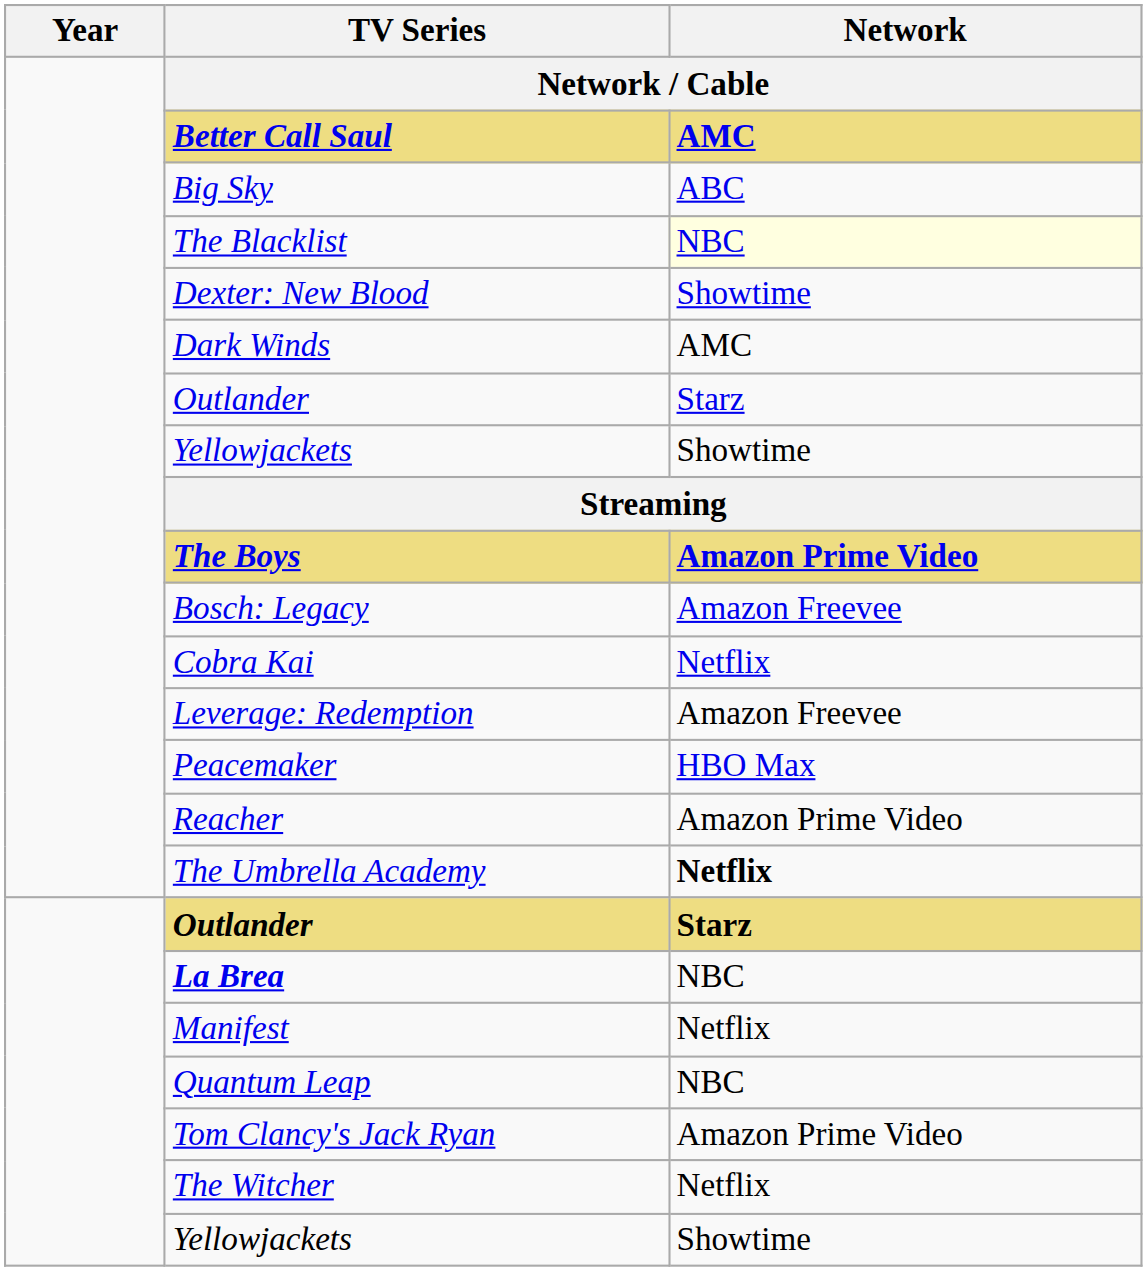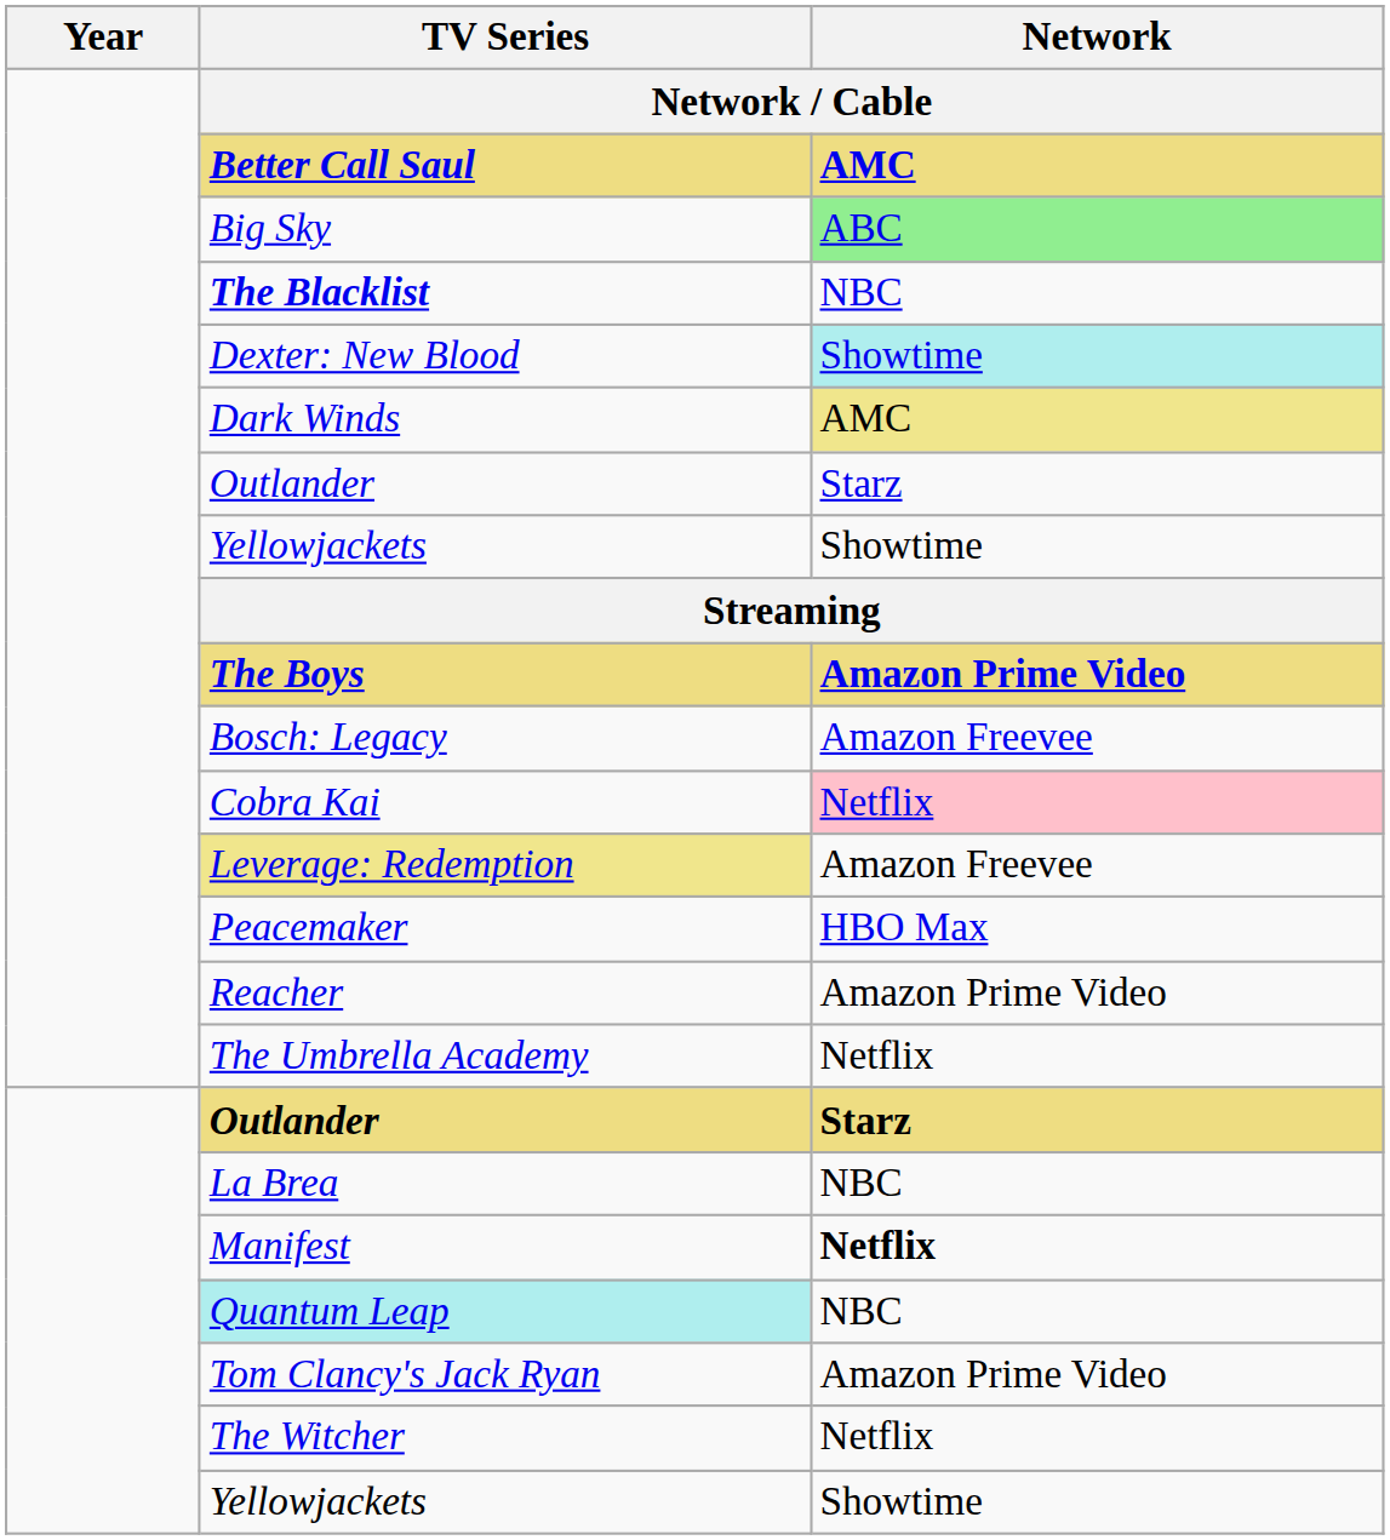 <table class="wikitable" width="550px" border="1" cellpadding="5" cellspacing="0" align="centre">
 <tr>
 <th width="70px">Year</th>
 <th>TV Series</th>
 <th>Network</th>
 </tr>
 <tr>
 <td rowspan="16"></td>
 <th colspan="2">Network / Cable</th>
 </tr>
 <tr>
 <td style="background:#EEDD82"><strong><em><a href='#'>Better Call Saul</a></em></strong></td>
 <td style="background:#EEDD82"><strong><a href='#'>AMC</a></strong></td>
 </tr>
 <tr>
 <td><em><a href='#'>Big Sky</a></em></td>
-<td><a href='#'>ABC</a></td>
+<td style="background: lightgreen;"><a href='#'>ABC</a></td>
 </tr>
 <tr>
-<td><em><a href='#'>The Blacklist</a></em></td>
-<td style="background: lightyellow;"><a href='#'>NBC</a></td>
+<td><strong><em><a href='#'>The Blacklist</a></em></strong></td>
+<td><a href='#'>NBC</a></td>
 </tr>
 <tr>
 <td><em><a href='#'>Dexter: New Blood</a></em></td>
-<td><a href='#'>Showtime</a></td>
+<td style="background: paleturquoise;"><a href='#'>Showtime</a></td>
 </tr>
 <tr>
 <td><em><a href='#'>Dark Winds</a></em></td>
-<td>AMC</td>
+<td style="background: khaki;">AMC</td>
 </tr>
 <tr>
 <td><em><a href='#'>Outlander</a></em></td>
 <td><a href='#'>Starz</a></td>
 </tr>
 <tr>
 <td><em><a href='#'>Yellowjackets</a></em></td>
 <td>Showtime</td>
 </tr>
 <tr>
 <th colspan="2">Streaming</th>
 </tr>
 <tr>
 <td style="background:#EEDD82"><strong><em><a href='#'>The Boys</a></em></strong></td>
 <td style="background:#EEDD82"><strong><a href='#'>Amazon Prime Video</a></strong></td>
 </tr>
 <tr>
 <td><em><a href='#'>Bosch: Legacy</a></em></td>
 <td><a href='#'>Amazon Freevee</a></td>
 </tr>
 <tr>
 <td><em><a href='#'>Cobra Kai</a></em></td>
-<td><a href='#'>Netflix</a></td>
+<td style="background: pink;"><a href='#'>Netflix</a></td>
 </tr>
 <tr>
-<td><em><a href='#'>Leverage: Redemption</a></em></td>
+<td style="background: khaki;"><em><a href='#'>Leverage: Redemption</a></em></td>
 <td>Amazon Freevee</td>
 </tr>
 <tr>
 <td><em><a href='#'>Peacemaker</a></em></td>
 <td><a href='#'>HBO Max</a></td>
 </tr>
 <tr>
 <td><em><a href='#'>Reacher</a></em></td>
 <td>Amazon Prime Video</td>
 </tr>
 <tr>
 <td><em><a href='#'>The Umbrella Academy</a></em></td>
-<td><strong>Netflix</strong></td>
+<td>Netflix</td>
 </tr>
 <tr>
 <td rowspan="7"></td>
 <td style="background:#EEDD82"><strong><em>Outlander</em></strong></td>
 <td style="background:#EEDD82"><strong>Starz</strong></td>
 </tr>
 <tr>
-<td><strong><em><a href='#'>La Brea</a></em></strong></td>
+<td><em><a href='#'>La Brea</a></em></td>
 <td>NBC</td>
 </tr>
 <tr>
 <td><em><a href='#'>Manifest</a></em></td>
-<td>Netflix</td>
+<td><strong>Netflix</strong></td>
 </tr>
 <tr>
-<td><em><a href='#'>Quantum Leap</a></em></td>
+<td style="background: paleturquoise;"><em><a href='#'>Quantum Leap</a></em></td>
 <td>NBC</td>
 </tr>
 <tr>
 <td><em><a href='#'>Tom Clancy's Jack Ryan</a></em></td>
 <td>Amazon Prime Video</td>
 </tr>
 <tr>
 <td><em><a href='#'>The Witcher</a></em></td>
 <td>Netflix</td>
 </tr>
 <tr>
 <td><em>Yellowjackets</em></td>
 <td>Showtime</td>
 </tr>
 </table>
